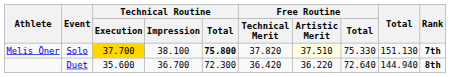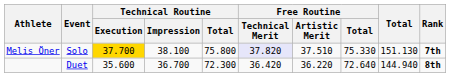 <table class="wikitable" style="text-align:left;">
 <tr>
 <th rowspan=2>Athlete</th>
 <th rowspan=2>Event</th>
 <th width=200 colspan=3>Technical Routine</th>
 <th width=200 colspan=3>Free Routine</th>
 <th rowspan=2>Total</th>
 <th rowspan=2>Rank</th>
 </tr>
 <tr>
 <th>Execution</th>
 <th>Impression</th>
 <th>Total</th>
 <th>Technical<br>Merit</th>
 <th>Artistic<br>Merit</th>
 <th>Total</th>
 </tr>
 <tr align=center>
 <td align=left><a href='#'>Melis Öner</a></td>
 <td><a href='#'>Solo</a></td>
 <td style="background: gold;">37.700</td>
 <td>38.100</td>
-<td><strong>75.800</strong></td>
-<td>37.820</td>
-<td style="background: lightyellow;">37.510</td>
+<td>75.800</td>
+<td style="background: lavender;">37.820</td>
+<td>37.510</td>
 <td>75.330</td>
 <td>151.130</td>
 <td><strong>7th</strong></td>
 </tr>
 <tr align=center>
 <td align=left></td>
 <td><a href='#'>Duet</a></td>
 <td>35.600</td>
 <td>36.700</td>
 <td>72.300</td>
 <td>36.420</td>
 <td>36.220</td>
 <td>72.640</td>
 <td>144.940</td>
 <td><strong>8th</strong></td>
 </tr>
 </table>
